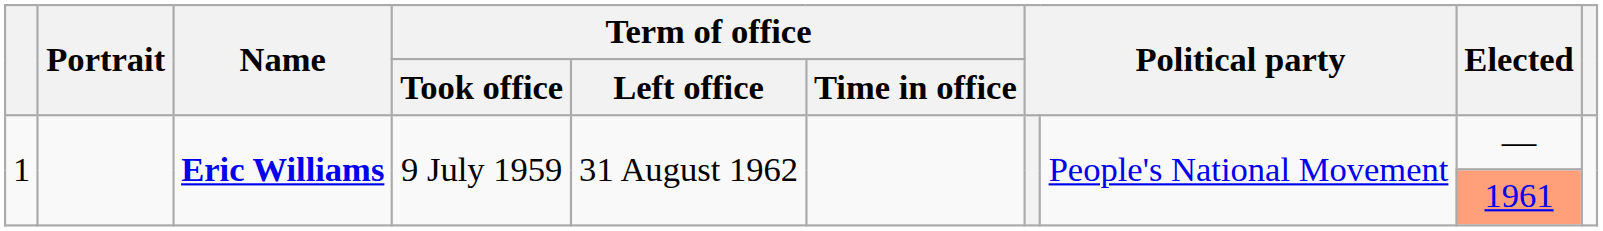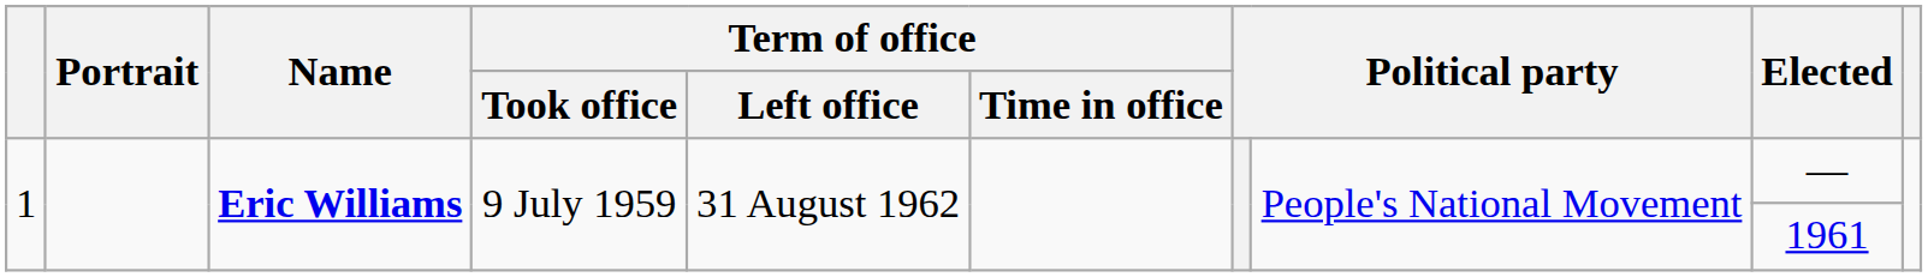 <table class="wikitable" style="text-align:center">
 <tr>
 <th rowspan=2 scope="col"></th>
 <th rowspan=2 scope="col">Portrait</th>
 <th rowspan=2 scope="col">Name<br></th>
 <th colspan=3 scope="col">Term of office</th>
 <th colspan=2 rowspan=2 scope="col">Political party</th>
 <th rowspan=2 scope="col">Elected</th>
 <th rowspan=2 scope="col"></th>
 </tr>
 <tr>
 <th scope="col">Took office</th>
 <th scope="col">Left office</th>
 <th scope="col">Time in office</th>
 </tr>
 <tr>
 <td rowspan="2">1</td>
 <td rowspan="2"></td>
 <td rowspan="2"><strong><a href='#'>Eric Williams</a></strong><br></td>
 <td rowspan="2">9 July 1959</td>
 <td rowspan="2">31 August 1962</td>
 <td rowspan="2"></td>
 <th rowspan="2" style="background:"></th>
 <td rowspan="2"><a href='#'>People's National Movement</a></td>
 <td>—</td>
 <td rowspan="2"></td>
 </tr>
 <tr>
-<td style="background: lightsalmon;"><a href='#'>1961</a></td>
+<td><a href='#'>1961</a></td>
 </tr>
 </table>
